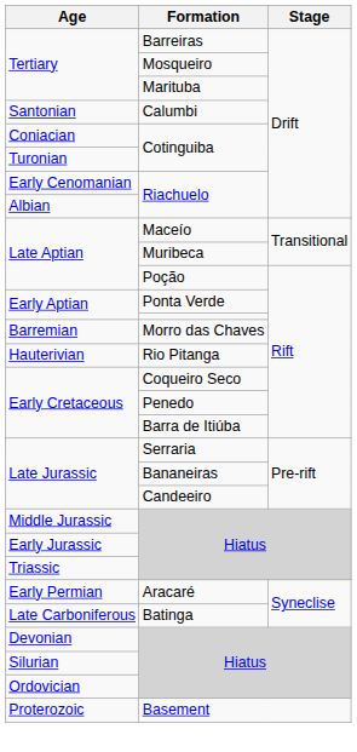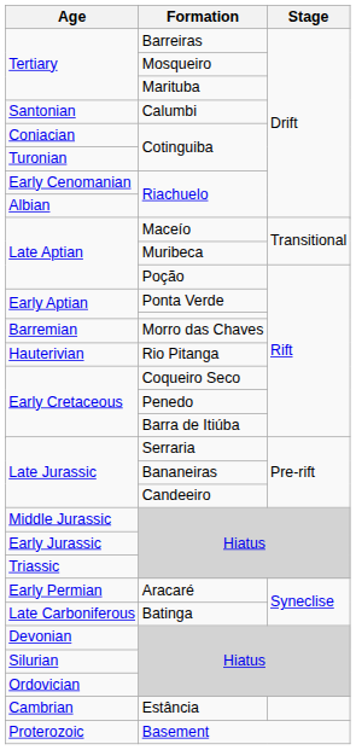 <table class="wikitable">
 <tr>
 <th>Age</th>
 <th>Formation</th>
 <th>Stage</th>
 </tr>
 <tr>
 <td rowspan="3" style="background-color: "><a href='#'>Tertiary</a></td>
 <td>Barreiras</td>
 <td rowspan="10">Drift</td>
 </tr>
 <tr>
 <td>Mosqueiro</td>
 </tr>
 <tr>
 <td>Marituba</td>
 </tr>
 <tr>
 <td style="background-color: "><a href='#'>Santonian</a></td>
 <td>Calumbi</td>
 </tr>
 <tr>
 <td style="background-color: "><a href='#'>Coniacian</a></td>
 <td rowspan="3">Cotinguiba</td>
 </tr>
 <tr>
 <td style="background-color: "><a href='#'>Turonian</a></td>
 </tr>
 <tr>
 <td rowspan="2" style="background-color: "><a href='#'>Early Cenomanian</a></td>
 </tr>
 <tr>
 <td rowspan="3"><a href='#'>Riachuelo</a></td>
 </tr>
 <tr>
 <td style="background-color: "><a href='#'>Albian</a></td>
 </tr>
 <tr>
 <td rowspan="4" style="background-color: "><a href='#'>Late Aptian</a></td>
 </tr>
 <tr>
 <td>Maceío</td>
 <td rowspan="2">Transitional</td>
 </tr>
 <tr>
 <td>Muribeca</td>
 </tr>
 <tr>
 <td>Poção</td>
 <td rowspan="8"><a href='#'>Rift</a></td>
 </tr>
 <tr>
 <td rowspan="2" style="background-color: "><a href='#'>Early Aptian</a></td>
 <td>Ponta Verde</td>
 </tr>
 <tr>
 <td></td>
 </tr>
 <tr>
 <td style="background-color: "><a href='#'>Barremian</a></td>
 <td>Morro das Chaves</td>
 </tr>
 <tr>
 <td style="background-color: "><a href='#'>Hauterivian</a></td>
 <td>Rio Pitanga</td>
 </tr>
 <tr>
 <td rowspan="4" style="background-color: "><a href='#'>Early Cretaceous</a></td>
 <td>Coqueiro Seco</td>
 </tr>
 <tr>
 <td>Penedo</td>
 </tr>
 <tr>
 <td>Barra de Itiúba</td>
 </tr>
 <tr>
 <td rowspan="2">Serraria</td>
 <td rowspan="4">Pre-rift</td>
 </tr>
 <tr>
 <td rowspan="3" style="background-color: "><a href='#'>Late Jurassic</a></td>
 </tr>
 <tr>
 <td>Bananeiras</td>
 </tr>
 <tr>
 <td>Candeeiro</td>
 </tr>
 <tr>
 <td style="background-color: "><a href='#'>Middle Jurassic</a></td>
 <td colspan="2" rowspan="3" bgcolor=lightgrey align=center><a href='#'>Hiatus</a></td>
 </tr>
 <tr>
 <td style="background-color: "><a href='#'>Early Jurassic</a></td>
 </tr>
 <tr>
 <td style="background-color: "><a href='#'>Triassic</a></td>
 </tr>
 <tr>
 <td rowspan="2" style="background-color: "><a href='#'>Early Permian</a></td>
 <td>Aracaré</td>
 <td rowspan="3"><a href='#'>Syneclise</a></td>
 </tr>
 <tr>
 <td rowspan="2">Batinga</td>
 </tr>
 <tr>
 <td style="background-color: "><a href='#'>Late Carboniferous</a></td>
 </tr>
 <tr>
 <td style="background-color: "><a href='#'>Devonian</a></td>
 <td colspan="2" rowspan="3" bgcolor=lightgrey align=center><a href='#'>Hiatus</a></td>
 </tr>
 <tr>
 <td style="background-color: "><a href='#'>Silurian</a></td>
 </tr>
 <tr>
 <td style="background-color: "><a href='#'>Ordovician</a></td>
 </tr>
 <tr>
+<td style="background-color: "><a href='#'>Cambrian</a></td>
+<td>Estância</td>
+<td></td>
+</tr>
+<tr>
 <td style="background-color: "><a href='#'>Proterozoic</a></td>
 <td colspan="2"><a href='#'>Basement</a></td>
 </tr>
 </table>
